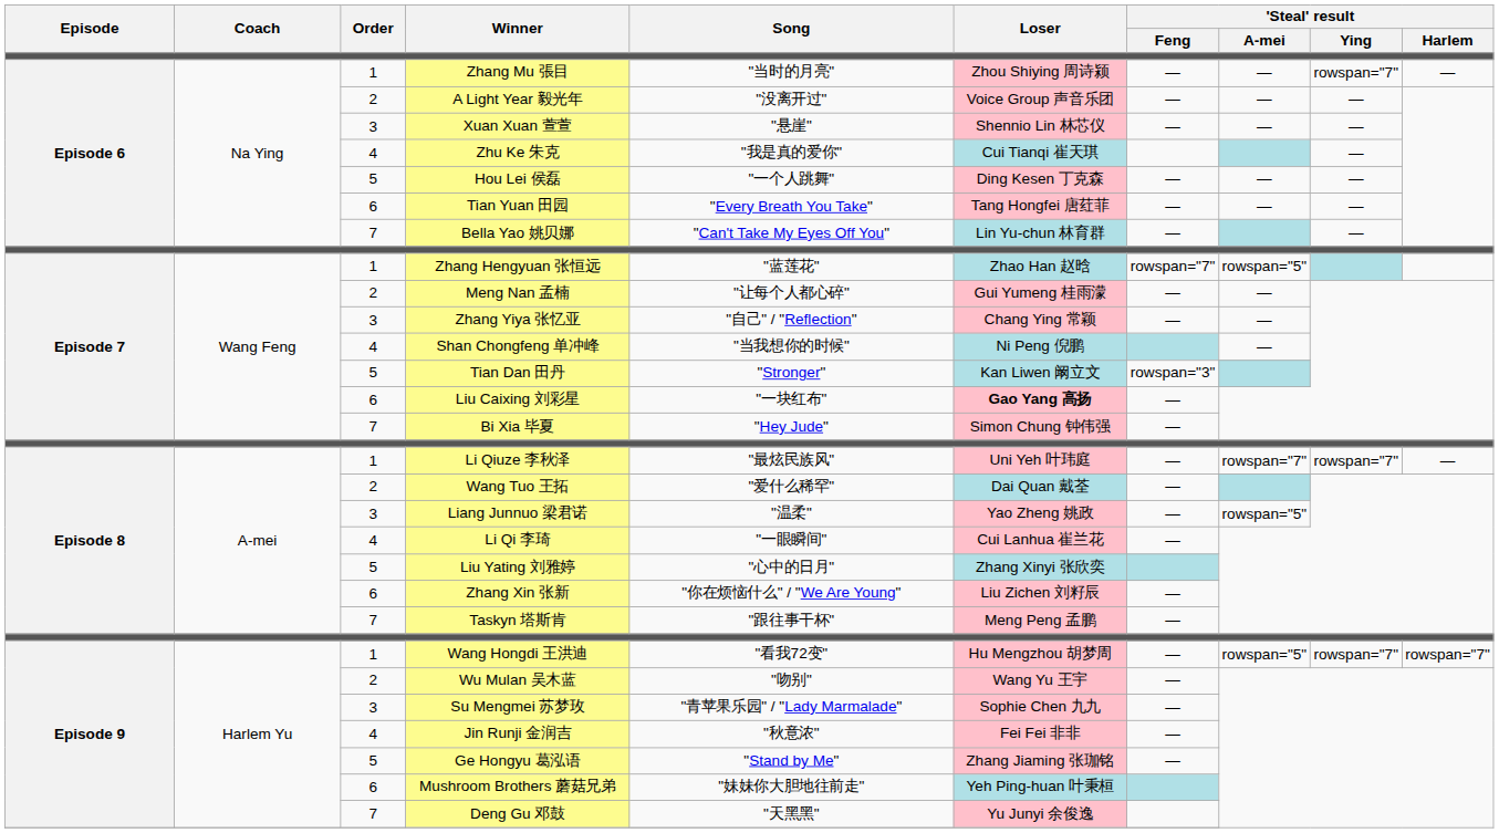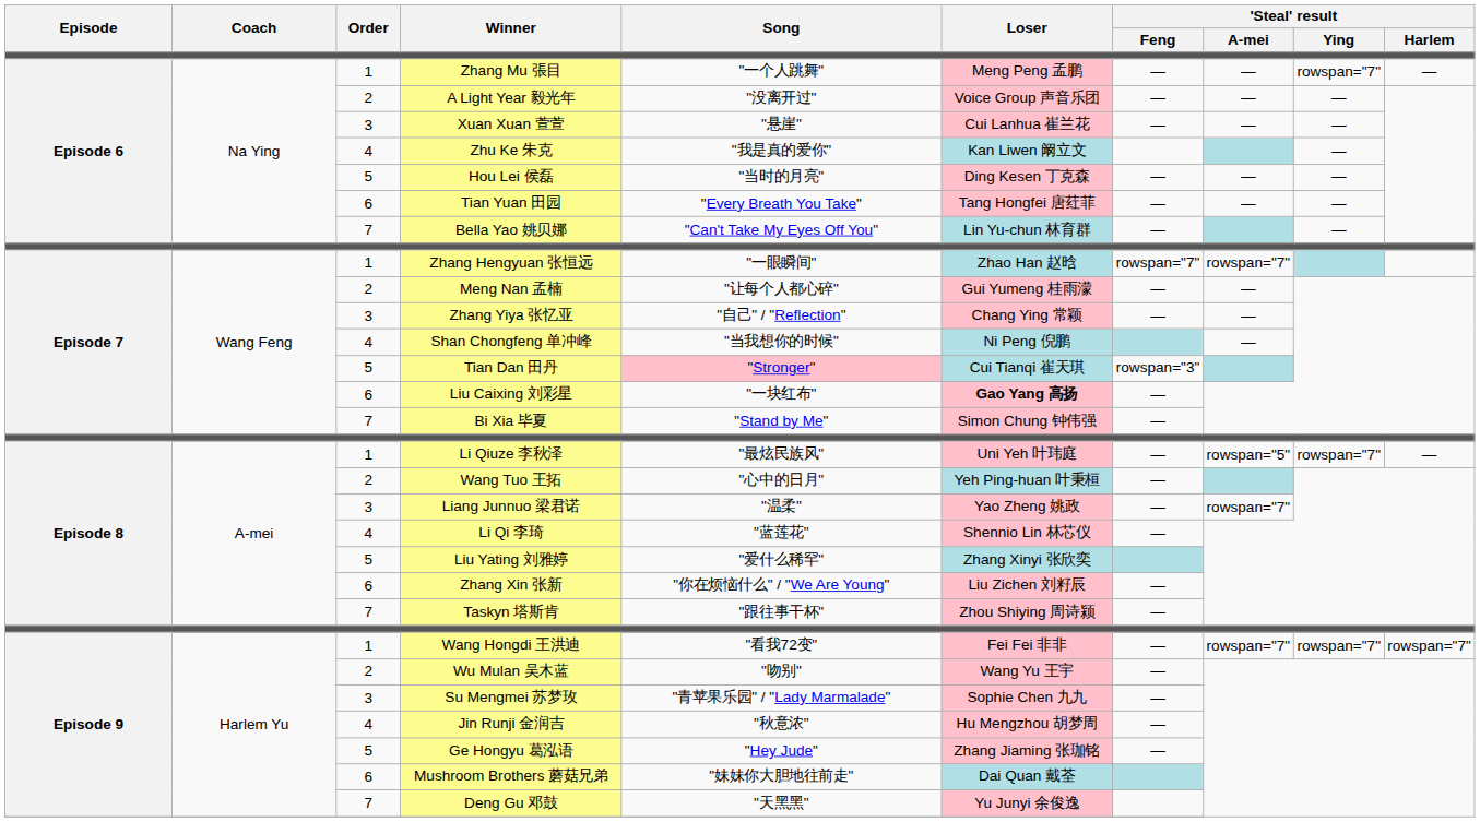 <table class="wikitable" style="text-align: center; width:100%;">
 <tr>
 <th rowspan="2" style="width:15%;">Episode</th>
 <th rowspan="2" style="width:15%;">Coach</th>
 <th rowspan="2" style="width:05%;">Order</th>
 <th rowspan="2" style="width:20%;">Winner</th>
 <th rowspan="2" style="width:30%;">Song</th>
 <th rowspan="2" style="width:20%;">Loser</th>
 <th colspan="4" style="width:20%;">'Steal' result</th>
 </tr>
 <tr>
 <th style="width:08%;">Feng</th>
 <th style="width:08%;">A-mei</th>
 <th style="width:08%;">Ying</th>
 <th style="width:08%;">Harlem</th>
 </tr>
 <tr>
 <td colspan="10" style="background:#555;"></td>
 </tr>
 <tr>
 <th rowspan="7">Episode 6<br><small></small></th>
 <td rowspan="7">Na Ying</td>
 <td>1</td>
 <td style="background:#fdfc8f;">Zhang Mu 張目</td>
-<td>"当时的月亮"</td>
-<td style="background:pink;">Zhou Shiying 周诗颍</td>
+<td>"一个人跳舞"</td>
+<td style="background:pink;">Meng Peng 孟鹏</td>
 <td>—</td>
 <td>—</td>
 <td>rowspan="7"  </td>
 <td>—</td>
 </tr>
 <tr>
 <td>2</td>
 <td style="background:#fdfc8f;">A Light Year 毅光年</td>
 <td>"没离开过"</td>
 <td style="background:pink;">Voice Group 声音乐团</td>
 <td>—</td>
 <td>—</td>
 <td>—</td>
 </tr>
 <tr>
 <td>3</td>
 <td style="background:#fdfc8f;">Xuan Xuan 萱萱</td>
 <td>"悬崖"</td>
-<td style="background:pink;">Shennio Lin 林芯仪</td>
+<td style="background:pink;">Cui Lanhua 崔兰花</td>
 <td>—</td>
 <td>—</td>
 <td>—</td>
 </tr>
 <tr>
 <td>4</td>
 <td style="background:#fdfc8f;">Zhu Ke 朱克</td>
 <td>"我是真的爱你"</td>
-<td style="background:#B0E0E6;">Cui Tianqi 崔天琪</td>
+<td style="background:#B0E0E6;">Kan Liwen 阚立文</td>
 <td><strong></strong></td>
 <td style="background:#B0E0E6;"><strong></strong></td>
 <td>—</td>
 </tr>
 <tr>
 <td>5</td>
 <td style="background:#fdfc8f;">Hou Lei 侯磊</td>
-<td>"一个人跳舞"</td>
+<td>"当时的月亮"</td>
 <td style="background:pink;">Ding Kesen 丁克森</td>
 <td>—</td>
 <td>—</td>
 <td>—</td>
 </tr>
 <tr>
 <td>6</td>
 <td style="background:#fdfc8f;">Tian Yuan 田园</td>
 <td>"<a href='#'>Every Breath You Take</a>"</td>
 <td style="background:pink;">Tang Hongfei 唐荭菲</td>
 <td>—</td>
 <td>—</td>
 <td>—</td>
 </tr>
 <tr>
 <td>7</td>
 <td style="background:#fdfc8f;">Bella Yao 姚贝娜</td>
 <td>"<a href='#'>Can't Take My Eyes Off You</a>"</td>
 <td style="background:#B0E0E6;">Lin Yu-chun 林育群</td>
 <td>—</td>
 <td style="background:#B0E0E6;"><strong></strong></td>
 <td>—</td>
 </tr>
 <tr>
 <td colspan="10" style="background:#555;"></td>
 </tr>
 <tr>
 <th rowspan="7">Episode 7<br><small></small></th>
 <td rowspan="7">Wang Feng</td>
 <td>1</td>
 <td style="background:#fdfc8f;">Zhang Hengyuan 张恒远</td>
-<td>"蓝莲花"</td>
+<td>"一眼瞬间"</td>
 <td style="background:#B0E0E6;">Zhao Han 赵晗</td>
 <td>rowspan="7"  </td>
-<td>rowspan="5" </td>
+<td>rowspan="7"  </td>
 <td style="background:#B0E0E6;"><strong></strong></td>
 <td><strong></strong></td>
 </tr>
 <tr>
 <td>2</td>
 <td style="background:#fdfc8f;">Meng Nan 孟楠</td>
 <td>"让每个人都心碎"</td>
 <td style="background:pink;">Gui Yumeng 桂雨濛</td>
 <td>—</td>
 <td>—</td>
 </tr>
 <tr>
 <td>3</td>
 <td style="background:#fdfc8f;">Zhang Yiya 张忆亚</td>
 <td>"自己" / "<a href='#'>Reflection</a>"</td>
 <td style="background:pink;">Chang Ying 常颖</td>
 <td>—</td>
 <td>—</td>
 </tr>
 <tr>
 <td>4</td>
 <td style="background:#fdfc8f;">Shan Chongfeng 单冲峰</td>
 <td>"当我想你的时候"</td>
 <td style="background:#B0E0E6;">Ni Peng 倪鹏</td>
 <td style="background:#B0E0E6;"><strong></strong></td>
 <td>—</td>
 </tr>
 <tr>
 <td>5</td>
 <td style="background:#fdfc8f;">Tian Dan 田丹</td>
-<td>"<a href='#'>Stronger</a>"</td>
-<td style="background:#B0E0E6;">Kan Liwen 阚立文</td>
+<td style="background: pink;">"<a href='#'>Stronger</a>"</td>
+<td style="background:#B0E0E6;">Cui Tianqi 崔天琪</td>
 <td>rowspan="3" </td>
 <td style="background:#B0E0E6;"><strong></strong></td>
 </tr>
 <tr>
 <td>6</td>
 <td style="background:#fdfc8f;">Liu Caixing 刘彩星</td>
 <td>"一块红布"</td>
 <td style="background:pink;"><strong>Gao Yang 高扬</strong></td>
 <td>—</td>
 </tr>
 <tr>
 <td>7</td>
 <td style="background:#fdfc8f;">Bi Xia 毕夏</td>
-<td>"<a href='#'>Hey Jude</a>"</td>
+<td>"<a href='#'>Stand by Me</a>"</td>
 <td style="background:pink;">Simon Chung 钟伟强</td>
 <td>—</td>
 </tr>
 <tr>
 <td colspan="10" style="background:#555;"></td>
 </tr>
 <tr>
 <th rowspan="7">Episode 8<br><small></small></th>
 <td rowspan="7">A-mei</td>
 <td>1</td>
 <td style="background:#fdfc8f;">Li Qiuze 李秋泽</td>
 <td>"最炫民族风"</td>
 <td style="background:pink;">Uni Yeh 叶玮庭</td>
 <td>—</td>
-<td>rowspan="7" </td>
+<td>rowspan="5" </td>
 <td>rowspan="7" </td>
 <td>—</td>
 </tr>
 <tr>
 <td>2</td>
 <td style="background:#fdfc8f;">Wang Tuo 王拓</td>
-<td>"爱什么稀罕"</td>
-<td style="background:#B0E0E6;">Dai Quan 戴荃</td>
+<td>"心中的日月"</td>
+<td style="background:#B0E0E6;">Yeh Ping-huan 叶秉桓</td>
 <td>—</td>
 <td style="background:#B0E0E6;"><strong></strong></td>
 </tr>
 <tr>
 <td>3</td>
 <td style="background:#fdfc8f;">Liang Junnuo 梁君诺</td>
 <td>"温柔"</td>
 <td style="background:pink;">Yao Zheng 姚政</td>
 <td>—</td>
-<td>rowspan="5" </td>
+<td>rowspan="7" </td>
 </tr>
 <tr>
 <td>4</td>
 <td style="background:#fdfc8f;">Li Qi 李琦</td>
-<td>"一眼瞬间"</td>
-<td style="background:pink;">Cui Lanhua 崔兰花</td>
+<td>"蓝莲花"</td>
+<td style="background:pink;">Shennio Lin 林芯仪</td>
 <td>—</td>
 </tr>
 <tr>
 <td>5</td>
 <td style="background:#fdfc8f;">Liu Yating 刘雅婷</td>
-<td>"心中的日月"</td>
+<td>"爱什么稀罕"</td>
 <td style="background:#B0E0E6;">Zhang Xinyi 张欣奕</td>
 <td style="background:#B0E0E6;"><strong></strong></td>
 </tr>
 <tr>
 <td>6</td>
 <td style="background:#fdfc8f;">Zhang Xin 张新</td>
 <td>"你在烦恼什么" / "<a href='#'>We Are Young</a>"</td>
 <td style="background:pink;">Liu Zichen 刘籽辰</td>
 <td>—</td>
 </tr>
 <tr>
 <td>7</td>
 <td style="background:#fdfc8f;">Taskyn 塔斯肯</td>
 <td>"跟往事干杯"</td>
-<td style="background:pink;">Meng Peng 孟鹏</td>
+<td style="background:pink;">Zhou Shiying 周诗颍</td>
 <td>—</td>
 </tr>
 <tr>
 <td colspan="10" style="background:#555;"></td>
 </tr>
 <tr>
 <th rowspan="7">Episode 9<br><small></small></th>
 <td rowspan="7">Harlem Yu</td>
 <td>1</td>
 <td style="background:#fdfc8f;">Wang Hongdi 王洪迪</td>
 <td>"看我72变"</td>
-<td style="background:pink;">Hu Mengzhou 胡梦周</td>
+<td style="background:pink;">Fei Fei 非非</td>
 <td>—</td>
-<td>rowspan="5" </td>
+<td>rowspan="7" </td>
 <td>rowspan="7" </td>
 <td>rowspan="7" </td>
 </tr>
 <tr>
 <td>2</td>
 <td style="background:#fdfc8f;">Wu Mulan 吴木蓝</td>
 <td>"吻别"</td>
 <td style="background:pink;">Wang Yu 王宇</td>
 <td>—</td>
 </tr>
 <tr>
 <td>3</td>
 <td style="background:#fdfc8f;">Su Mengmei 苏梦玫</td>
 <td>"青苹果乐园" / "<a href='#'>Lady Marmalade</a>"</td>
 <td style="background:pink;">Sophie Chen 九九</td>
 <td>—</td>
 </tr>
 <tr>
 <td>4</td>
 <td style="background:#fdfc8f;">Jin Runji 金润吉</td>
 <td>"秋意浓"</td>
-<td style="background:pink;">Fei Fei 非非</td>
+<td style="background:pink;">Hu Mengzhou 胡梦周</td>
 <td>—</td>
 </tr>
 <tr>
 <td>5</td>
 <td style="background:#fdfc8f;">Ge Hongyu 葛泓语</td>
-<td>"<a href='#'>Stand by Me</a>"</td>
+<td>"<a href='#'>Hey Jude</a>"</td>
 <td style="background:pink;">Zhang Jiaming 张珈铭</td>
 <td>—</td>
 </tr>
 <tr>
 <td>6</td>
 <td style="background:#fdfc8f;">Mushroom Brothers 蘑菇兄弟</td>
 <td>"妹妹你大胆地往前走"</td>
-<td style="background:#B0E0E6;">Yeh Ping-huan 叶秉桓</td>
+<td style="background:#B0E0E6;">Dai Quan 戴荃</td>
 <td style="background:#B0E0E6;"><strong></strong></td>
 </tr>
 <tr>
 <td>7</td>
 <td style="background:#fdfc8f;">Deng Gu 邓鼓</td>
 <td>"天黑黑"</td>
 <td style="background:pink;">Yu Junyi 余俊逸</td>
 <td></td>
 </tr>
 <tr>
 </tr>
 </table>
